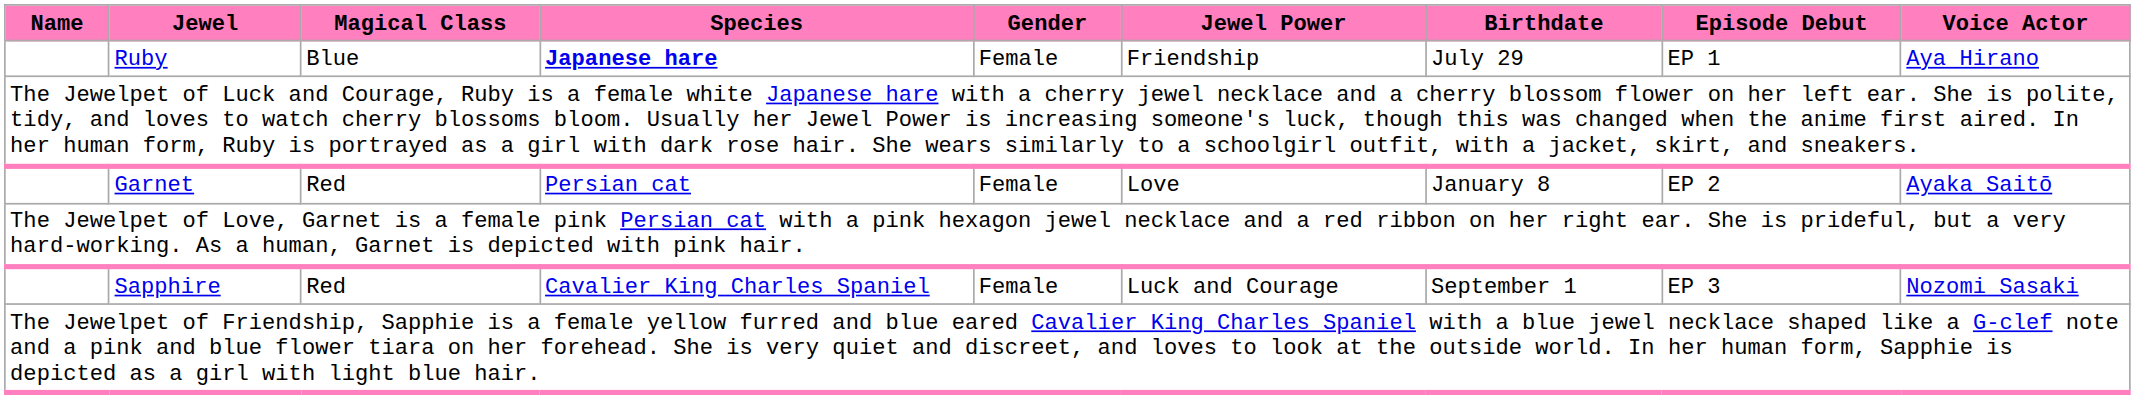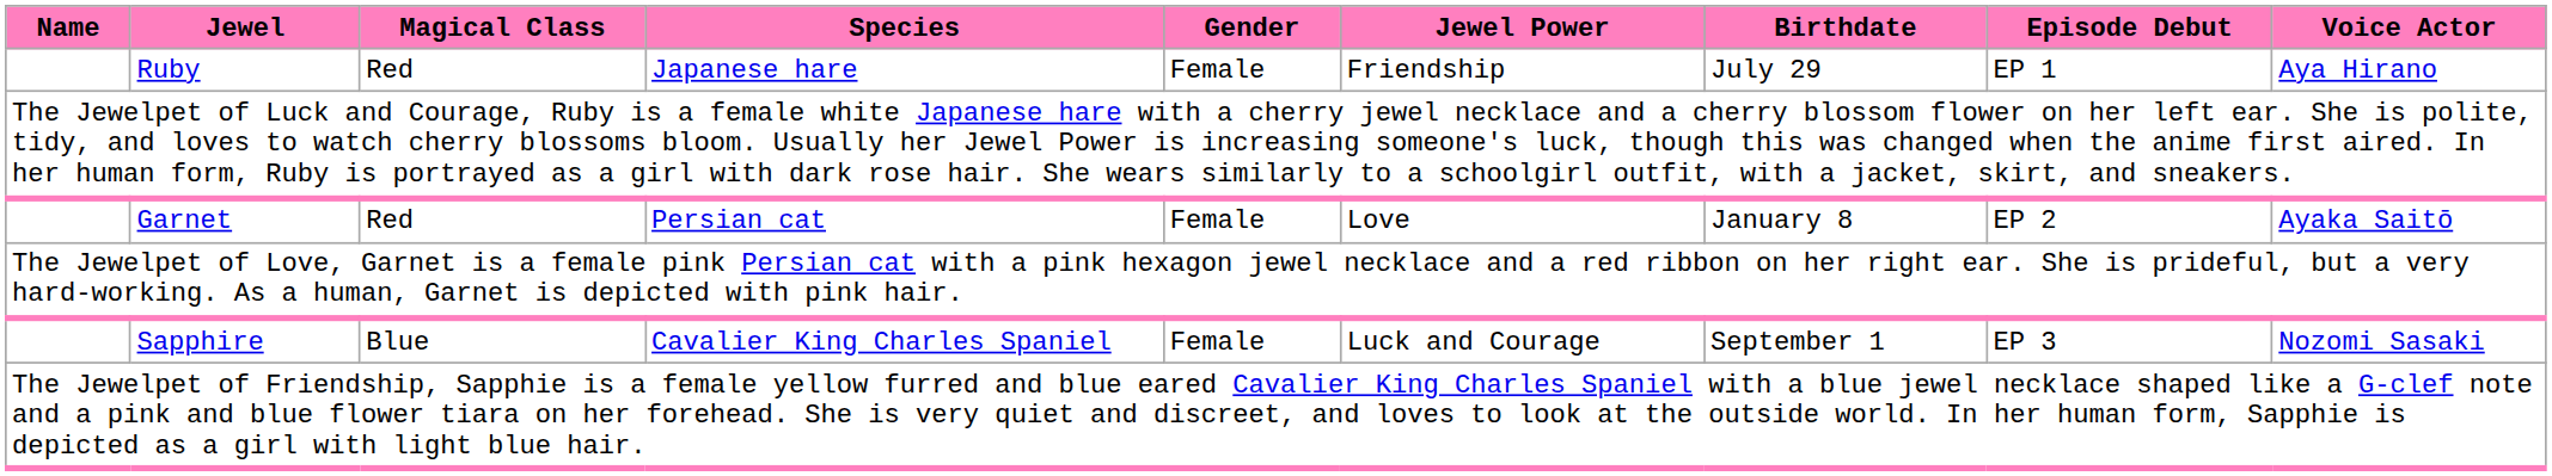 <table class="wikitable" style="background:#FFFFFF">
 <tr>
 <th style="background:#FF7FBF;">Name</th>
 <th style="background:#FF7FBF;">Jewel</th>
 <th style="background:#FF7FBF;">Magical Class</th>
 <th style="background:#FF7FBF;">Species</th>
 <th style="background:#FF7FBF;">Gender</th>
 <th style="background:#FF7FBF;">Jewel Power</th>
 <th style="background:#FF7FBF;">Birthdate</th>
 <th style="background:#FF7FBF;">Episode Debut</th>
 <th style="background:#FF7FBF;">Voice Actor</th>
 </tr>
 <tr>
 <td></td>
 <td><a href='#'>Ruby</a></td>
-<td>Blue</td>
-<td><strong><a href='#'>Japanese hare</a></strong></td>
+<td>Red</td>
+<td><a href='#'>Japanese hare</a></td>
 <td>Female</td>
 <td>Friendship</td>
 <td>July 29</td>
 <td>EP 1</td>
 <td><a href='#'>Aya Hirano</a></td>
 </tr>
 <tr>
 <td style="border-bottom: 3px solid #FF7FBF;" colspan="14">The Jewelpet of Luck and Courage, Ruby is a female white <a href='#'>Japanese hare</a> with a cherry jewel necklace and a cherry blossom flower on her left ear. She is polite, tidy, and loves to watch cherry blossoms bloom. Usually her Jewel Power is increasing someone's luck, though this was changed when the anime first aired. In her human form, Ruby is portrayed as a girl with dark rose hair. She wears similarly to a schoolgirl outfit, with a jacket, skirt, and sneakers.<br></td>
 </tr>
 <tr>
 <td></td>
 <td><a href='#'>Garnet</a></td>
 <td>Red</td>
 <td><a href='#'>Persian cat</a></td>
 <td>Female</td>
 <td>Love</td>
 <td>January 8</td>
 <td>EP 2</td>
 <td><a href='#'>Ayaka Saitō</a></td>
 </tr>
 <tr>
 <td style="border-bottom: 3px solid #FF7FBF;" colspan="14">The Jewelpet of Love, Garnet is a female pink <a href='#'>Persian cat</a> with a pink hexagon jewel necklace and a red ribbon on her right ear. She is prideful, but a very hard-working. As a human, Garnet is depicted with pink hair.<br></td>
 </tr>
 <tr>
 <td></td>
 <td><a href='#'>Sapphire</a></td>
-<td>Red</td>
+<td>Blue</td>
 <td><a href='#'>Cavalier King Charles Spaniel</a></td>
 <td>Female</td>
 <td>Luck and Courage</td>
 <td>September 1</td>
 <td>EP 3</td>
 <td><a href='#'>Nozomi Sasaki</a></td>
 </tr>
 <tr>
 <td style="border-bottom: 3px solid #FF7FBF;" colspan="14">The Jewelpet of Friendship, Sapphie is a female yellow furred and blue eared <a href='#'>Cavalier King Charles Spaniel</a> with a blue jewel necklace shaped like a <a href='#'>G-clef</a> note and a pink and blue flower tiara on her forehead. She is very quiet and discreet, and loves to look at the outside world. In her human form, Sapphie is depicted as a girl with light blue hair.<br></td>
 </tr>
 </table>
